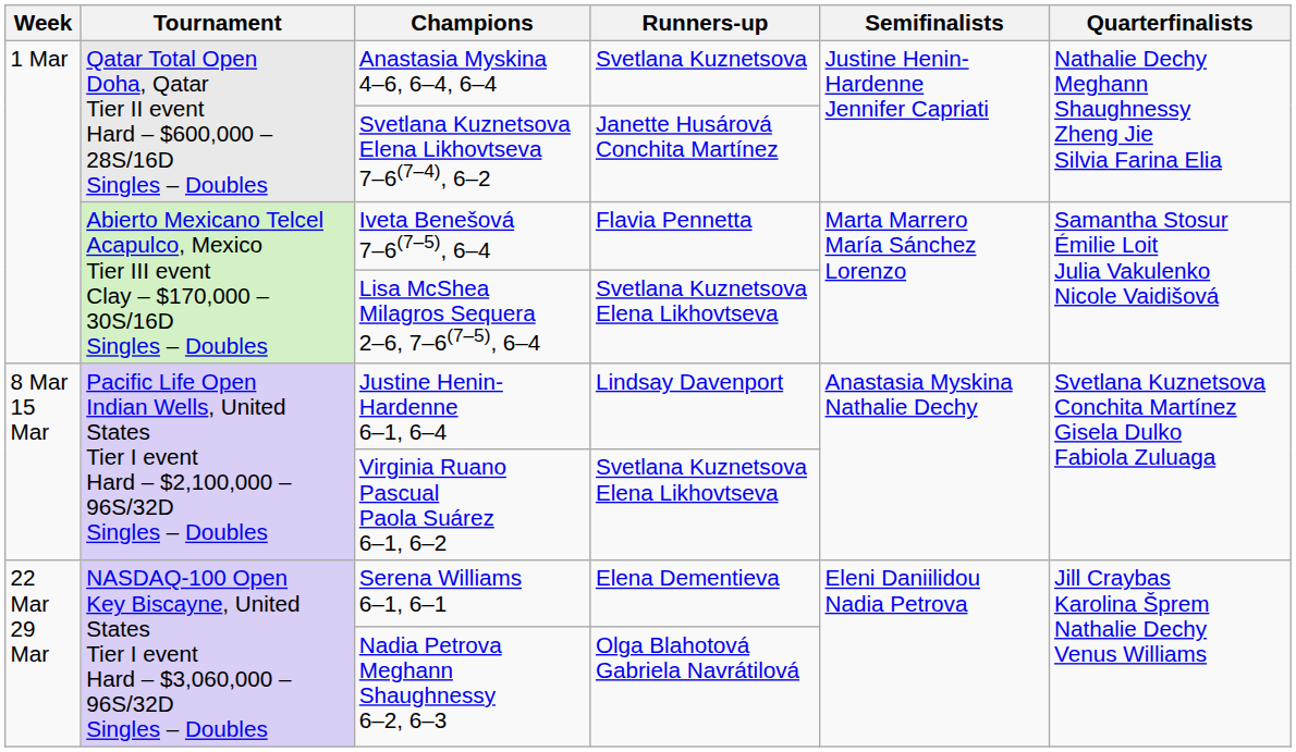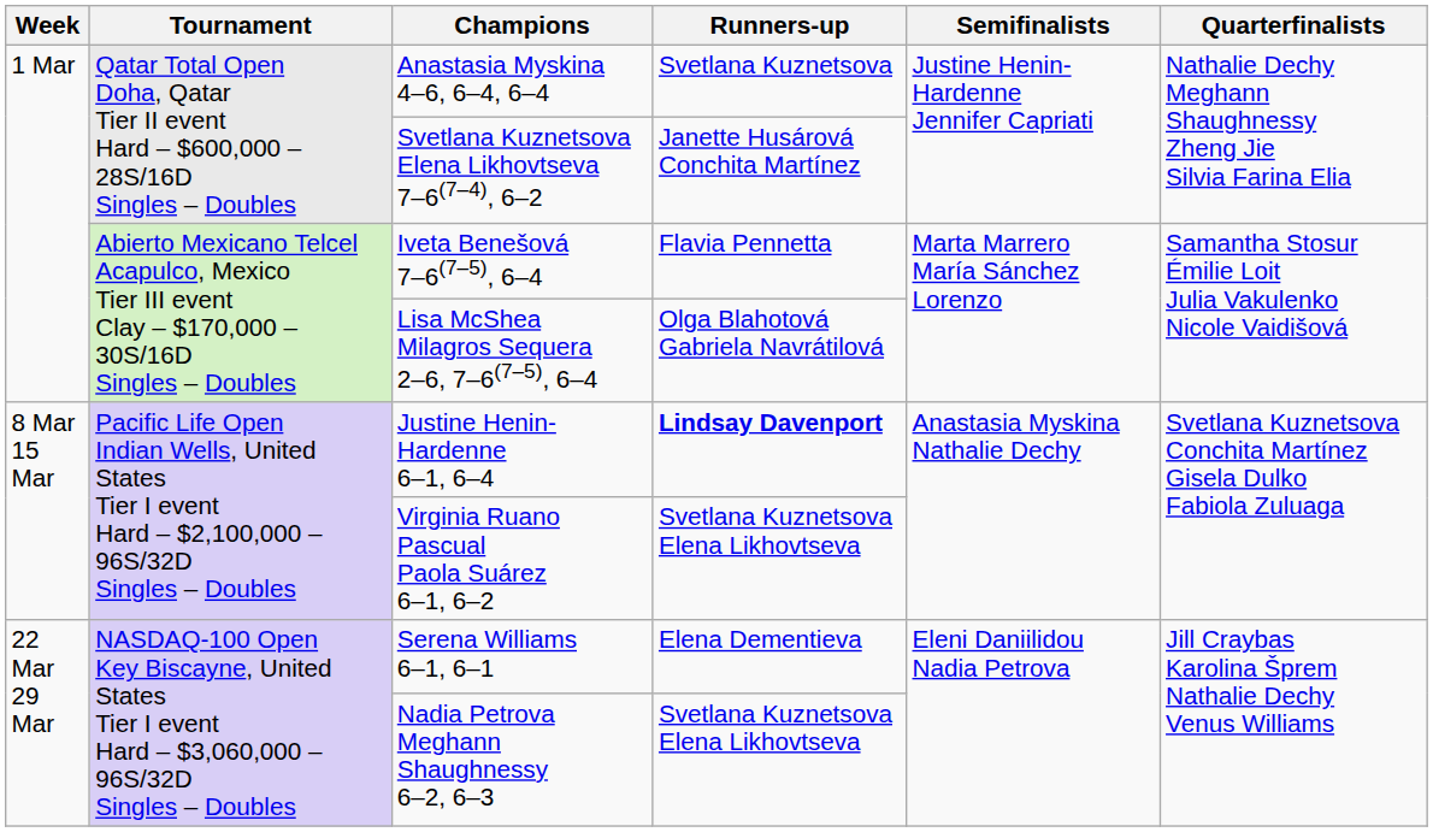 <table class=wikitable style=font-size:95%>
 <tr>
 <th style="width:48px;">Week</th>
 <th style="width:248px;">Tournament</th>
 <th style="width:200px;">Champions</th>
 <th style="width:200px;">Runners-up</th>
 <th style="width:190px;">Semifinalists</th>
 <th style="width:190px;">Quarterfinalists</th>
 </tr>
 <tr valign="top">
 <td rowspan=4>1 Mar</td>
 <td rowspan=2 style="background:#e9e9e9;"><a href='#'>Qatar Total Open</a><br> <a href='#'>Doha</a>, Qatar <br>Tier II event <br> Hard – $600,000 – 28S/16D<br><a href='#'>Singles</a> – <a href='#'>Doubles</a></td>
 <td> <a href='#'>Anastasia Myskina</a> <br> 4–6, 6–4, 6–4</td>
 <td> <a href='#'>Svetlana Kuznetsova</a></td>
 <td rowspan=2> <a href='#'>Justine Henin-Hardenne</a><br> <a href='#'>Jennifer Capriati</a></td>
 <td rowspan=2> <a href='#'>Nathalie Dechy</a>  <br>  <a href='#'>Meghann Shaughnessy</a> <br> <a href='#'>Zheng Jie</a><br>   <a href='#'>Silvia Farina Elia</a></td>
 </tr>
 <tr valign="top">
 <td> <a href='#'>Svetlana Kuznetsova</a> <br>  <a href='#'>Elena Likhovtseva</a><br>7–6<sup>(7–4)</sup>, 6–2</td>
 <td> <a href='#'>Janette Husárová</a> <br>  <a href='#'>Conchita Martínez</a></td>
 </tr>
 <tr valign="top">
 <td rowspan=2 style="background:#d4f1c5;"><a href='#'>Abierto Mexicano Telcel</a><br> <a href='#'>Acapulco</a>, Mexico <br>Tier III event <br> Clay – $170,000 – 30S/16D<br><a href='#'>Singles</a> – <a href='#'>Doubles</a></td>
 <td> <a href='#'>Iveta Benešová</a> <br> 7–6<sup>(7–5)</sup>, 6–4</td>
 <td> <a href='#'>Flavia Pennetta</a></td>
 <td rowspan=2> <a href='#'>Marta Marrero</a><br> <a href='#'>María Sánchez Lorenzo</a></td>
 <td rowspan=2> <a href='#'>Samantha Stosur</a>  <br>  <a href='#'>Émilie Loit</a> <br> <a href='#'>Julia Vakulenko</a><br>   <a href='#'>Nicole Vaidišová</a></td>
 </tr>
 <tr valign="top">
 <td> <a href='#'>Lisa McShea</a> <br>  <a href='#'>Milagros Sequera</a><br>2–6, 7–6<sup>(7–5)</sup>, 6–4</td>
-<td> <a href='#'>Svetlana Kuznetsova</a> <br>  <a href='#'>Elena Likhovtseva</a></td>
+<td> <a href='#'>Olga Blahotová</a> <br>  <a href='#'>Gabriela Navrátilová</a></td>
 </tr>
 <tr valign="top">
 <td rowspan=2>8 Mar<br>15 Mar</td>
 <td rowspan=2 style="background:#d8cef6;"><a href='#'>Pacific Life Open</a><br> <a href='#'>Indian Wells</a>, United States <br>Tier I event <br> Hard – $2,100,000 – 96S/32D<br> <a href='#'>Singles</a> – <a href='#'>Doubles</a></td>
 <td> <a href='#'>Justine Henin-Hardenne</a> <br> 6–1, 6–4</td>
-<td> <a href='#'>Lindsay Davenport</a></td>
+<td><strong> <a href='#'>Lindsay Davenport</a></strong></td>
 <td rowspan=2> <a href='#'>Anastasia Myskina</a><br> <a href='#'>Nathalie Dechy</a></td>
 <td rowspan=2> <a href='#'>Svetlana Kuznetsova</a>  <br>  <a href='#'>Conchita Martínez</a> <br> <a href='#'>Gisela Dulko</a><br>   <a href='#'>Fabiola Zuluaga</a></td>
 </tr>
 <tr valign="top">
 <td> <a href='#'>Virginia Ruano Pascual</a> <br>  <a href='#'>Paola Suárez</a><br>6–1, 6–2</td>
 <td> <a href='#'>Svetlana Kuznetsova</a> <br>  <a href='#'>Elena Likhovtseva</a></td>
 </tr>
 <tr valign="top">
 <td rowspan=2>22 Mar<br>29 Mar</td>
 <td rowspan=2 style="background:#d8cef6;"><a href='#'>NASDAQ-100 Open</a><br> <a href='#'>Key Biscayne</a>, United States <br>Tier I event <br> Hard – $3,060,000 – 96S/32D<br> <a href='#'>Singles</a> – <a href='#'>Doubles</a></td>
 <td> <a href='#'>Serena Williams</a> <br> 6–1, 6–1</td>
 <td> <a href='#'>Elena Dementieva</a></td>
 <td rowspan=2> <a href='#'>Eleni Daniilidou</a><br> <a href='#'>Nadia Petrova</a></td>
 <td rowspan=2> <a href='#'>Jill Craybas</a>  <br>  <a href='#'>Karolina Šprem</a> <br> <a href='#'>Nathalie Dechy</a><br>   <a href='#'>Venus Williams</a></td>
 </tr>
 <tr valign="top">
 <td> <a href='#'>Nadia Petrova</a> <br>  <a href='#'>Meghann Shaughnessy</a><br>6–2, 6–3</td>
-<td> <a href='#'>Olga Blahotová</a> <br>  <a href='#'>Gabriela Navrátilová</a></td>
+<td> <a href='#'>Svetlana Kuznetsova</a> <br>  <a href='#'>Elena Likhovtseva</a></td>
 </tr>
 </table>
